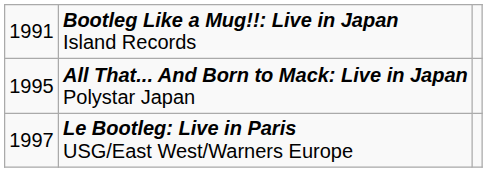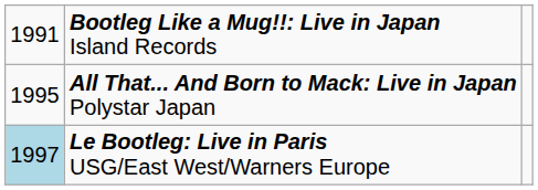 <table class="wikitable">
 <tr>
 <td>1991</td>
 <td><strong><em>Bootleg Like a Mug!!: Live in Japan</em></strong><br>Island Records</td>
 <td></td>
 </tr>
 <tr>
 <td>1995</td>
 <td><strong><em>All That... And Born to Mack: Live in Japan</em></strong><br>Polystar Japan</td>
 <td></td>
 </tr>
 <tr>
-<td>1997</td>
+<td style="background: lightblue;">1997</td>
 <td><strong><em>Le Bootleg: Live in Paris</em></strong><br>USG/East West/Warners Europe</td>
 <td></td>
 </tr>
 </table>
